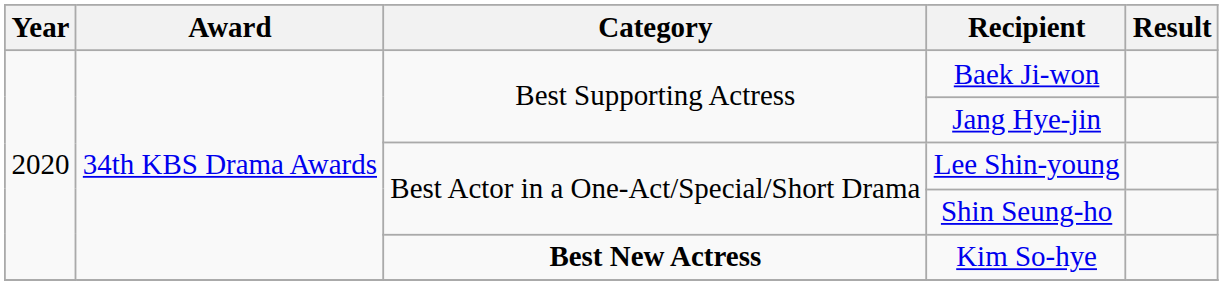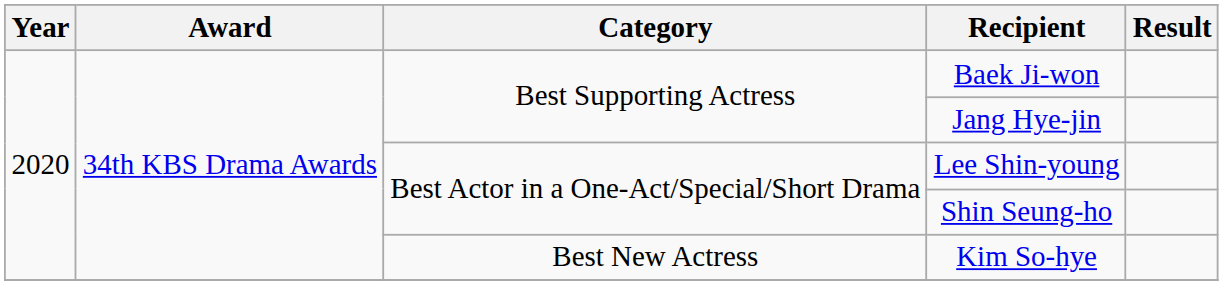 <table class="wikitable sortable plainrowheaders" style="text-align:center;">
 <tr>
 <th>Year</th>
 <th>Award</th>
 <th>Category</th>
 <th>Recipient</th>
 <th>Result</th>
 </tr>
 <tr>
 <td rowspan="5">2020</td>
 <td rowspan="5"><a href='#'>34th KBS Drama Awards</a></td>
 <td rowspan="2">Best Supporting Actress</td>
 <td><a href='#'>Baek Ji-won</a></td>
 <td></td>
 </tr>
 <tr>
 <td><a href='#'>Jang Hye-jin</a></td>
 <td></td>
 </tr>
 <tr>
 <td rowspan="2">Best Actor in a One-Act/Special/Short Drama</td>
 <td><a href='#'>Lee Shin-young</a></td>
 <td></td>
 </tr>
 <tr>
 <td><a href='#'>Shin Seung-ho</a></td>
 <td></td>
 </tr>
 <tr>
-<td><strong>Best New Actress</strong></td>
+<td>Best New Actress</td>
 <td><a href='#'>Kim So-hye</a></td>
 <td></td>
 </tr>
 <tr>
 </tr>
 </table>
